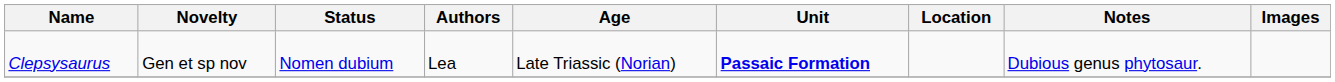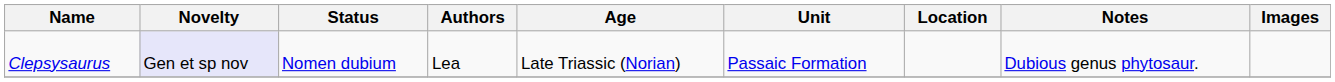 <table class="wikitable sortable" align="center" width="100%">
 <tr>
 <th>Name</th>
 <th>Novelty</th>
 <th>Status</th>
 <th>Authors</th>
 <th>Age</th>
 <th>Unit</th>
 <th>Location</th>
 <th>Notes</th>
 <th>Images</th>
 </tr>
 <tr>
 <td><br><em><a href='#'>Clepsysaurus</a></em></td>
-<td><br>Gen et sp nov</td>
+<td style="background: lavender;"><br>Gen et sp nov</td>
 <td><br><a href='#'>Nomen dubium</a></td>
 <td><br>Lea</td>
 <td><br>Late Triassic (<a href='#'>Norian</a>)</td>
-<td><strong><br><a href='#'>Passaic Formation</a></strong></td>
+<td><br><a href='#'>Passaic Formation</a></td>
 <td><br></td>
 <td><br><a href='#'>Dubious</a> genus <a href='#'>phytosaur</a>.</td>
 <td></td>
 </tr>
 <tr>
 </tr>
 </table>
